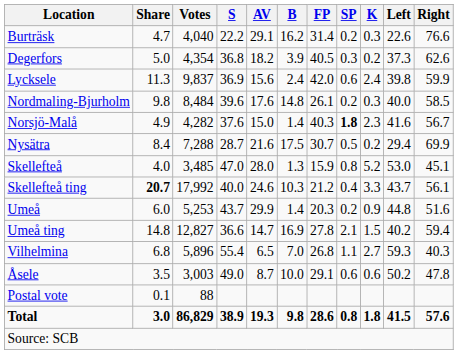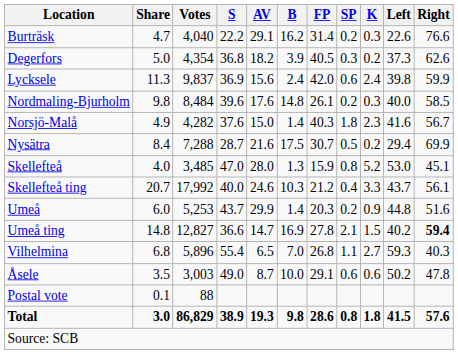 <table class="wikitable sortable" style=text-align:right>
 <tr>
 <th>Location</th>
 <th>Share</th>
 <th>Votes</th>
 <th><a href='#'>S</a></th>
 <th><a href='#'>AV</a></th>
 <th><a href='#'>B</a></th>
 <th><a href='#'>FP</a></th>
 <th><a href='#'>SP</a></th>
 <th><a href='#'>K</a></th>
 <th>Left</th>
 <th>Right</th>
 </tr>
 <tr>
 <td align=left><a href='#'>Burträsk</a></td>
 <td>4.7</td>
 <td>4,040</td>
 <td>22.2</td>
 <td>29.1</td>
 <td>16.2</td>
 <td>31.4</td>
 <td>0.2</td>
 <td>0.3</td>
 <td>22.6</td>
 <td>76.6</td>
 </tr>
 <tr>
 <td align=left><a href='#'>Degerfors</a></td>
 <td>5.0</td>
 <td>4,354</td>
 <td>36.8</td>
 <td>18.2</td>
 <td>3.9</td>
 <td>40.5</td>
 <td>0.3</td>
 <td>0.2</td>
 <td>37.3</td>
 <td>62.6</td>
 </tr>
 <tr>
 <td align=left><a href='#'>Lycksele</a></td>
 <td>11.3</td>
 <td>9,837</td>
 <td>36.9</td>
 <td>15.6</td>
 <td>2.4</td>
 <td>42.0</td>
 <td>0.6</td>
 <td>2.4</td>
 <td>39.8</td>
 <td>59.9</td>
 </tr>
 <tr>
 <td align=left><a href='#'>Nordmaling-Bjurholm</a></td>
 <td>9.8</td>
 <td>8,484</td>
 <td>39.6</td>
 <td>17.6</td>
 <td>14.8</td>
 <td>26.1</td>
 <td>0.2</td>
 <td>0.3</td>
 <td>40.0</td>
 <td>58.5</td>
 </tr>
 <tr>
 <td align=left><a href='#'>Norsjö-Malå</a></td>
 <td>4.9</td>
 <td>4,282</td>
 <td>37.6</td>
 <td>15.0</td>
 <td>1.4</td>
 <td>40.3</td>
-<td><strong>1.8</strong></td>
+<td>1.8</td>
 <td>2.3</td>
 <td>41.6</td>
 <td>56.7</td>
 </tr>
 <tr>
 <td align=left><a href='#'>Nysätra</a></td>
 <td>8.4</td>
 <td>7,288</td>
 <td>28.7</td>
 <td>21.6</td>
 <td>17.5</td>
 <td>30.7</td>
 <td>0.5</td>
 <td>0.2</td>
 <td>29.4</td>
 <td>69.9</td>
 </tr>
 <tr>
 <td align=left><a href='#'>Skellefteå</a></td>
 <td>4.0</td>
 <td>3,485</td>
 <td>47.0</td>
 <td>28.0</td>
 <td>1.3</td>
 <td>15.9</td>
 <td>0.8</td>
 <td>5.2</td>
 <td>53.0</td>
 <td>45.1</td>
 </tr>
 <tr>
 <td align=left><a href='#'>Skellefteå ting</a></td>
-<td><strong>20.7</strong></td>
+<td>20.7</td>
 <td>17,992</td>
 <td>40.0</td>
 <td>24.6</td>
 <td>10.3</td>
 <td>21.2</td>
 <td>0.4</td>
 <td>3.3</td>
 <td>43.7</td>
 <td>56.1</td>
 </tr>
 <tr>
 <td align=left><a href='#'>Umeå</a></td>
 <td>6.0</td>
 <td>5,253</td>
 <td>43.7</td>
 <td>29.9</td>
 <td>1.4</td>
 <td>20.3</td>
 <td>0.2</td>
 <td>0.9</td>
 <td>44.8</td>
 <td>51.6</td>
 </tr>
 <tr>
 <td align=left><a href='#'>Umeå ting</a></td>
 <td>14.8</td>
 <td>12,827</td>
 <td>36.6</td>
 <td>14.7</td>
 <td>16.9</td>
 <td>27.8</td>
 <td>2.1</td>
 <td>1.5</td>
 <td>40.2</td>
-<td>59.4</td>
+<td><strong>59.4</strong></td>
 </tr>
 <tr>
 <td align=left><a href='#'>Vilhelmina</a></td>
 <td>6.8</td>
 <td>5,896</td>
 <td>55.4</td>
 <td>6.5</td>
 <td>7.0</td>
 <td>26.8</td>
 <td>1.1</td>
 <td>2.7</td>
 <td>59.3</td>
 <td>40.3</td>
 </tr>
 <tr>
 <td align=left><a href='#'>Åsele</a></td>
 <td>3.5</td>
 <td>3,003</td>
 <td>49.0</td>
 <td>8.7</td>
 <td>10.0</td>
 <td>29.1</td>
 <td>0.6</td>
 <td>0.6</td>
 <td>50.2</td>
 <td>47.8</td>
 </tr>
 <tr>
 <td align=left><a href='#'>Postal vote</a></td>
 <td>0.1</td>
 <td>88</td>
 <td></td>
 <td></td>
 <td></td>
 <td></td>
 <td></td>
 <td></td>
 <td></td>
 <td></td>
 </tr>
 <tr>
 <td align=left><strong>Total</strong></td>
 <td><strong>3.0</strong></td>
 <td><strong>86,829</strong></td>
 <td><strong>38.9</strong></td>
 <td><strong>19.3</strong></td>
 <td><strong>9.8</strong></td>
 <td><strong>28.6</strong></td>
 <td><strong>0.8</strong></td>
 <td><strong>1.8</strong></td>
 <td><strong>41.5</strong></td>
 <td><strong>57.6</strong></td>
 </tr>
 <tr>
 <td align=left colspan=11>Source: SCB </td>
 </tr>
 </table>
